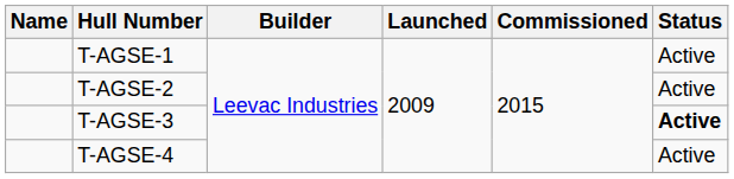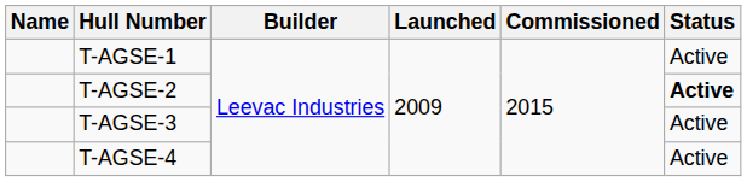 <table class="wikitable">
 <tr>
 <th>Name</th>
 <th>Hull Number</th>
 <th>Builder</th>
 <th>Launched</th>
 <th>Commissioned</th>
 <th>Status</th>
 </tr>
 <tr>
 <td></td>
 <td>T-AGSE-1</td>
 <td rowspan="4"><a href='#'>Leevac Industries</a></td>
 <td rowspan="4">2009</td>
 <td rowspan="4">2015</td>
 <td>Active</td>
 </tr>
 <tr>
 <td></td>
 <td>T-AGSE-2</td>
-<td>Active</td>
+<td><strong>Active</strong></td>
 </tr>
 <tr>
 <td></td>
 <td>T-AGSE-3</td>
-<td><strong>Active</strong></td>
+<td>Active</td>
 </tr>
 <tr>
 <td></td>
 <td>T-AGSE-4</td>
 <td>Active</td>
 </tr>
 </table>
